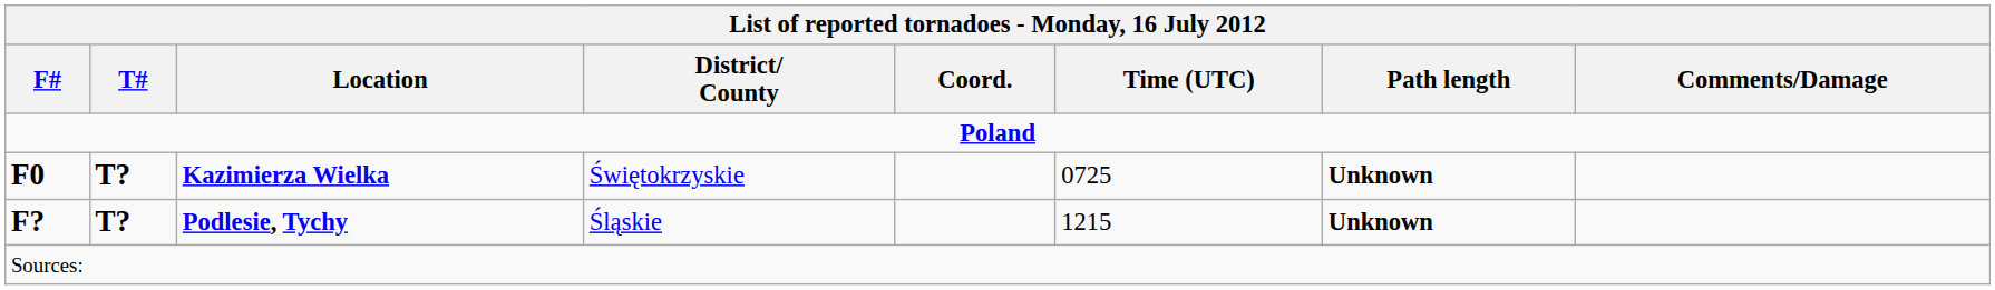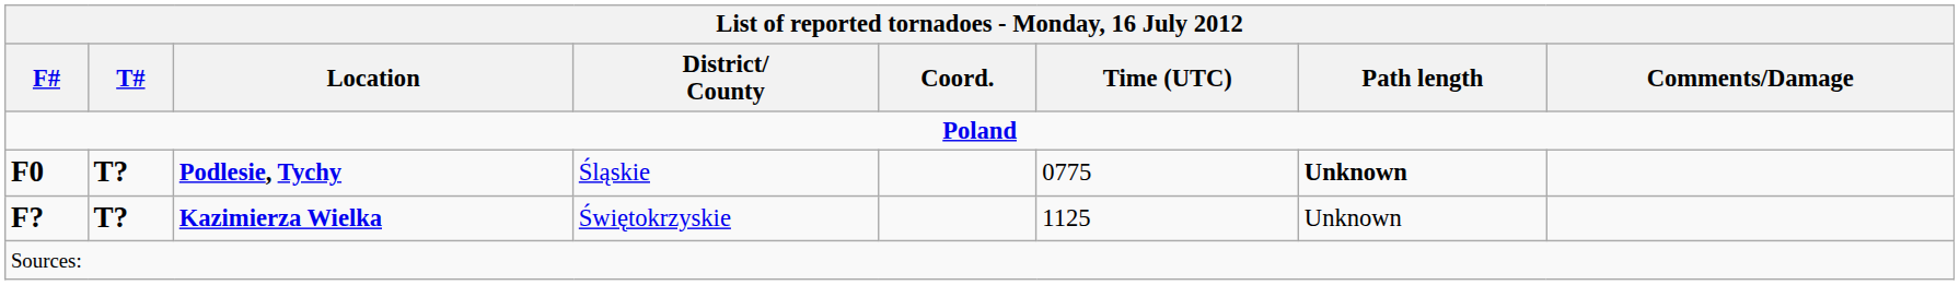 <table class="wikitable collapsible" width="100%">
 <tr>
 <th colspan="8">List of reported tornadoes - Monday, 16 July 2012</th>
 </tr>
 <tr>
 <th><a href='#'>F#</a></th>
 <th><a href='#'>T#</a></th>
 <th>Location</th>
 <th>District/<br>County</th>
 <th>Coord.</th>
 <th>Time (UTC)</th>
 <th>Path length</th>
 <th>Comments/Damage</th>
 </tr>
 <tr>
 <td colspan="8" align=center><strong><a href='#'>Poland</a></strong></td>
 </tr>
 <tr>
 <td><big><strong>F0</strong></big></td>
 <td><big><strong>T?</strong></big></td>
-<td><strong><a href='#'>Kazimierza Wielka</a></strong></td>
-<td><a href='#'>Świętokrzyskie</a></td>
+<td><strong><a href='#'>Podlesie</a>, <a href='#'>Tychy</a></strong></td>
+<td><a href='#'>Śląskie</a></td>
 <td></td>
-<td>0725</td>
+<td>0775</td>
 <td><strong>Unknown</strong></td>
 <td></td>
 </tr>
 <tr>
 <td><big><strong>F?</strong></big></td>
 <td><big><strong>T?</strong></big></td>
-<td><strong><a href='#'>Podlesie</a>, <a href='#'>Tychy</a></strong></td>
-<td><a href='#'>Śląskie</a></td>
+<td><strong><a href='#'>Kazimierza Wielka</a></strong></td>
+<td><a href='#'>Świętokrzyskie</a></td>
 <td></td>
-<td>1215</td>
-<td><strong>Unknown</strong></td>
+<td>1125</td>
+<td>Unknown</td>
 <td></td>
 </tr>
 <tr>
 <td colspan="8"><small>Sources:  </small></td>
 </tr>
 </table>
